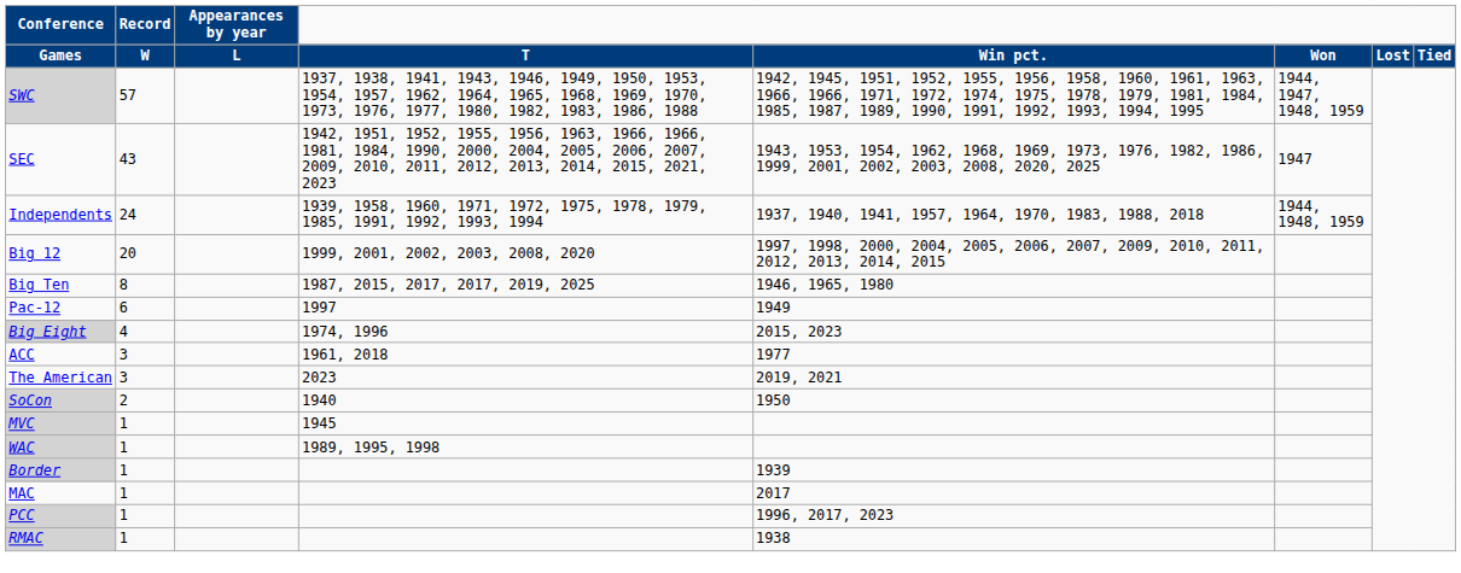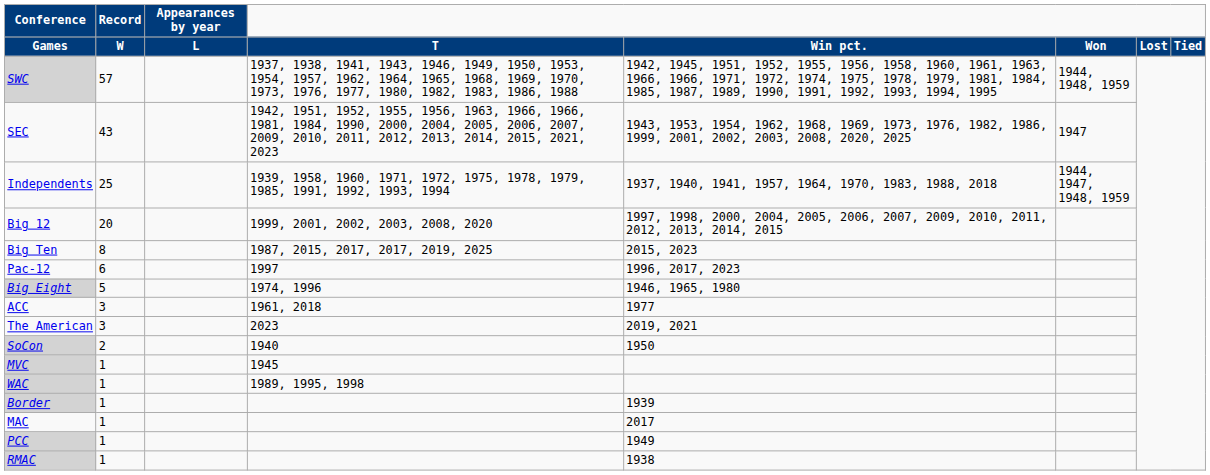 <table class="wikitable sortable plainrowheaders" style="font-size: 95%;">
 <tr>
 <th style="background:#003B7B; color:#FFFFFF; ">Conference</th>
 <th style="background:#003B7B; color:#FFFFFF; ">Record</th>
 <th style="background:#003B7B; color:#FFFFFF; ">Appearances by year</th>
 </tr>
 <tr>
 <th style="background:#003B7B; color:#FFFFFF; ">Games</th>
 <th style="background:#003B7B; color:#FFFFFF; ">W</th>
 <th style="background:#003B7B; color:#FFFFFF; ">L</th>
 <th style="background:#003B7B; color:#FFFFFF; ">T</th>
 <th style="background:#003B7B; color:#FFFFFF; ">Win pct.</th>
 <th style="background:#003B7B; color:#FFFFFF; ">Won</th>
 <th style="background:#003B7B; color:#FFFFFF; ">Lost</th>
 <th style="background:#003B7B; color:#FFFFFF; ">Tied<br></th>
 </tr>
 <tr>
 <td bgcolor=lightgrey><em><a href='#'>SWC</a></em></td>
 <td>57</td>
 <td></td>
 <td>1937, 1938, 1941, 1943, 1946, 1949, 1950, 1953, 1954, 1957, 1962, 1964, 1965, 1968, 1969, 1970, 1973, 1976, 1977, 1980, 1982, 1983, 1986, 1988</td>
 <td>1942, 1945, 1951, 1952, 1955, 1956, 1958, 1960, 1961, 1963, 1966, 1966, 1971, 1972, 1974, 1975, 1978, 1979, 1981, 1984, 1985, 1987, 1989, 1990, 1991, 1992, 1993, 1994, 1995</td>
-<td>1944, 1947, 1948, 1959</td>
+<td>1944, 1948, 1959</td>
 </tr>
 <tr>
 <td><a href='#'>SEC</a></td>
 <td>43</td>
 <td></td>
 <td>1942, 1951, 1952, 1955, 1956, 1963, 1966, 1966, 1981, 1984, 1990, 2000, 2004, 2005, 2006, 2007, 2009, 2010, 2011, 2012, 2013, 2014, 2015, 2021, 2023</td>
 <td>1943, 1953, 1954, 1962, 1968, 1969, 1973, 1976, 1982, 1986, 1999, 2001, 2002, 2003, 2008, 2020, 2025</td>
 <td>1947</td>
 </tr>
 <tr>
 <td><a href='#'>Independents</a></td>
-<td>24</td>
+<td>25</td>
 <td></td>
 <td>1939, 1958, 1960, 1971, 1972, 1975, 1978, 1979, 1985, 1991, 1992, 1993, 1994</td>
 <td>1937, 1940, 1941, 1957, 1964, 1970, 1983, 1988, 2018</td>
-<td>1944, 1948, 1959</td>
+<td>1944, 1947, 1948, 1959</td>
 </tr>
 <tr>
 <td><a href='#'>Big 12</a></td>
 <td>20</td>
 <td></td>
 <td>1999, 2001, 2002, 2003, 2008, 2020</td>
 <td>1997, 1998, 2000, 2004, 2005, 2006, 2007, 2009, 2010, 2011, 2012, 2013, 2014, 2015</td>
 <td></td>
 </tr>
 <tr>
 <td><a href='#'>Big Ten</a></td>
 <td>8</td>
 <td></td>
 <td>1987, 2015, 2017, 2017, 2019, 2025</td>
-<td>1946, 1965, 1980</td>
+<td>2015, 2023</td>
 <td></td>
 </tr>
 <tr>
 <td><a href='#'>Pac-12</a></td>
 <td>6</td>
 <td></td>
 <td>1997</td>
-<td>1949</td>
+<td>1996, 2017, 2023</td>
 <td></td>
 </tr>
 <tr>
 <td bgcolor=lightgrey><em><a href='#'>Big Eight</a></em></td>
-<td>4</td>
+<td>5</td>
 <td></td>
 <td>1974, 1996</td>
-<td>2015, 2023</td>
+<td>1946, 1965, 1980</td>
 <td></td>
 </tr>
 <tr>
 <td><a href='#'>ACC</a></td>
 <td>3</td>
 <td></td>
 <td>1961, 2018</td>
 <td>1977</td>
 <td></td>
 </tr>
 <tr>
 <td><a href='#'>The American</a></td>
 <td>3</td>
 <td></td>
 <td>2023</td>
 <td>2019, 2021</td>
 <td></td>
 </tr>
 <tr>
 <td bgcolor=lightgrey><em><a href='#'>SoCon</a></em></td>
 <td>2</td>
 <td></td>
 <td>1940</td>
 <td>1950</td>
 <td></td>
 </tr>
 <tr>
 <td bgcolor=lightgrey><em><a href='#'>MVC</a></em></td>
 <td>1</td>
 <td></td>
 <td>1945</td>
 <td></td>
 <td></td>
 </tr>
 <tr>
 <td bgcolor=lightgrey><em><a href='#'>WAC</a></em></td>
 <td>1</td>
 <td></td>
 <td>1989, 1995, 1998</td>
 <td></td>
 <td></td>
 </tr>
 <tr>
 <td bgcolor=lightgrey><em><a href='#'>Border</a></em></td>
 <td>1</td>
 <td></td>
 <td></td>
 <td>1939</td>
 <td></td>
 </tr>
 <tr>
 <td><a href='#'>MAC</a></td>
 <td>1</td>
 <td></td>
 <td></td>
 <td>2017</td>
 <td></td>
 </tr>
 <tr>
 <td bgcolor=lightgrey><em><a href='#'>PCC</a></em></td>
 <td>1</td>
 <td></td>
 <td></td>
-<td>1996, 2017, 2023</td>
+<td>1949</td>
 <td></td>
 </tr>
 <tr>
 <td bgcolor=lightgrey><em><a href='#'>RMAC</a></em></td>
 <td>1</td>
 <td></td>
 <td></td>
 <td>1938</td>
 <td></td>
 </tr>
 </table>
